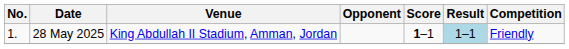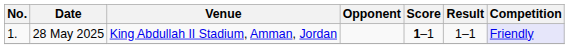 <table class="wikitable">
 <tr>
 <th>No.</th>
 <th>Date</th>
 <th>Venue</th>
 <th>Opponent</th>
 <th>Score</th>
 <th>Result</th>
 <th>Competition</th>
 </tr>
 <tr>
 <td>1.</td>
 <td>28 May 2025</td>
 <td><a href='#'>King Abdullah II Stadium</a>, <a href='#'>Amman</a>, <a href='#'>Jordan</a></td>
 <td></td>
 <td align=center><strong>1</strong>–1</td>
-<td align=center style="background: lightblue;">1–1</td>
-<td><a href='#'>Friendly</a></td>
+<td align=center>1–1</td>
+<td style="background: lavender;"><a href='#'>Friendly</a></td>
 </tr>
 <tr>
 </tr>
 </table>
